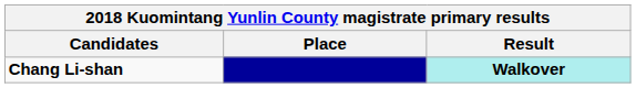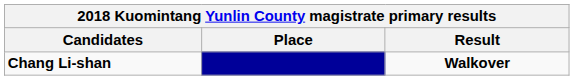 <table class="wikitable collapsible" style="margin: 1em auto;">
 <tr>
 <th colspan="6" width=600>2018 Kuomintang <a href='#'>Yunlin County</a> magistrate primary results</th>
 </tr>
 <tr>
 <th width=80>Candidates</th>
 <th width=80>Place</th>
 <th width=80>Result</th>
 </tr>
 <tr>
 <td><strong>Chang Li-shan</strong></td>
 <td style="background: #000099; text-align:center"><strong></strong></td>
-<td style="background: paleturquoise; text-align:center"><strong>Walkover</strong></td>
+<td style="text-align:center"><strong>Walkover</strong></td>
 </tr>
 </table>
